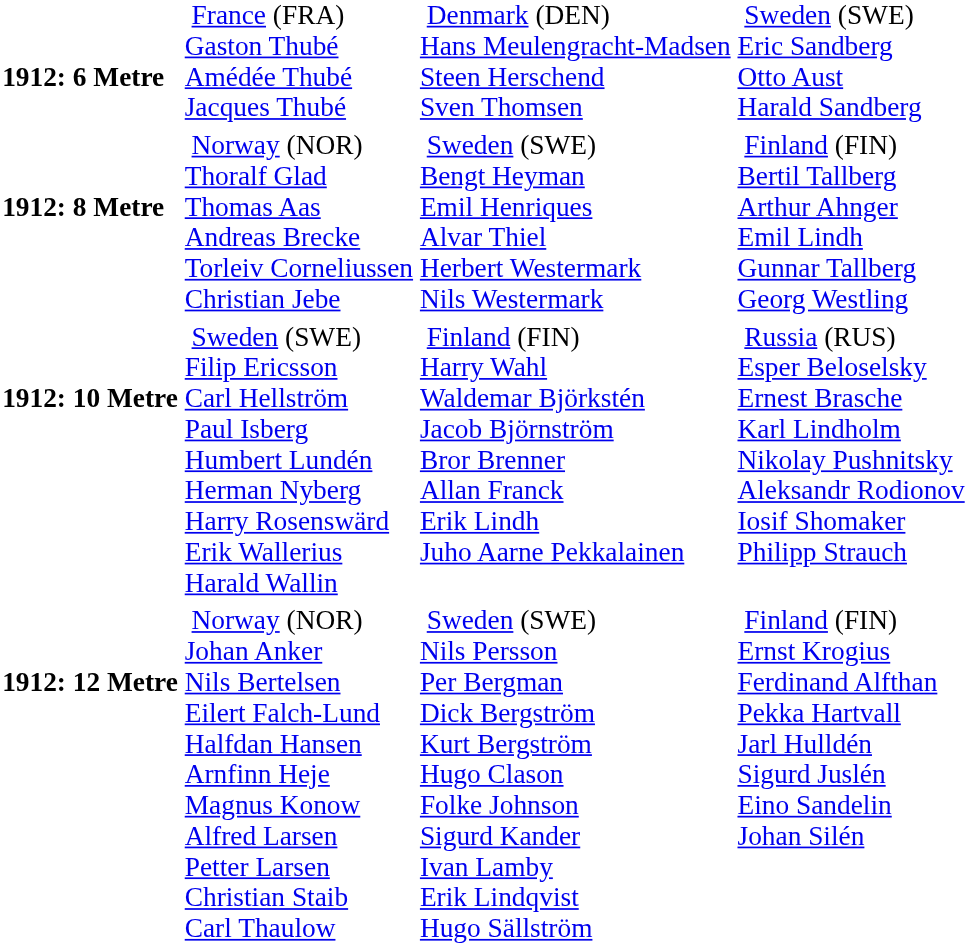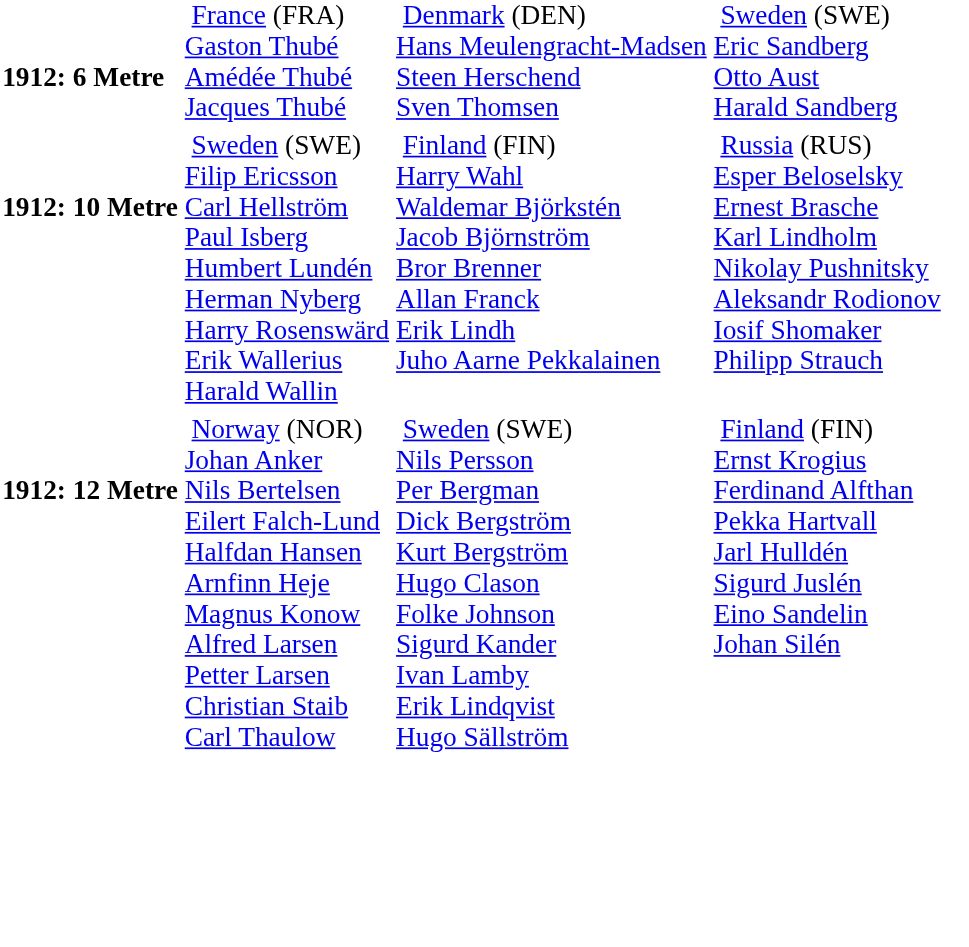 <table>
 <tr valign="top">
 <td style="align:center;"><br><br><strong>1912: 6 Metre</strong> <br></td>
 <td style="vertical-align:top;"> <a href='#'>France</a> <span>(FRA)</span><br><a href='#'>Gaston Thubé</a><br><a href='#'>Amédée Thubé</a><br><a href='#'>Jacques Thubé</a></td>
 <td style="vertical-align:top;"> <a href='#'>Denmark</a> <span>(DEN)</span><br><a href='#'>Hans Meulengracht-Madsen</a><br><a href='#'>Steen Herschend</a><br><a href='#'>Sven Thomsen</a></td>
 <td style="vertical-align:top;"> <a href='#'>Sweden</a> <span>(SWE)</span><br><a href='#'>Eric Sandberg</a><br><a href='#'>Otto Aust</a><br><a href='#'>Harald Sandberg</a></td>
-</tr>
-<tr valign="top">
-<td style="align:center;"><br><br><strong>1912: 8 Metre</strong> <br></td>
-<td style="vertical-align:top;"> <a href='#'>Norway</a> <span>(NOR)</span><br><a href='#'>Thoralf Glad</a><br><a href='#'>Thomas Aas</a><br><a href='#'>Andreas Brecke</a><br><a href='#'>Torleiv Corneliussen</a><br><a href='#'>Christian Jebe</a></td>
-<td style="vertical-align:top;"> <a href='#'>Sweden</a> <span>(SWE)</span><br><a href='#'>Bengt Heyman</a><br><a href='#'>Emil Henriques</a><br><a href='#'>Alvar Thiel</a><br><a href='#'>Herbert Westermark</a><br><a href='#'>Nils Westermark</a></td>
-<td style="vertical-align:top;"> <a href='#'>Finland</a> <span>(FIN)</span><br><a href='#'>Bertil Tallberg</a><br><a href='#'>Arthur Ahnger</a><br><a href='#'>Emil Lindh</a><br><a href='#'>Gunnar Tallberg</a><br><a href='#'>Georg Westling</a></td>
 </tr>
 <tr valign="top">
 <td style="align:center;"><br><br><strong>1912: 10 Metre</strong> <br></td>
 <td style="vertical-align:top;"> <a href='#'>Sweden</a> <span>(SWE)</span><br><a href='#'>Filip Ericsson</a><br><a href='#'>Carl Hellström</a><br><a href='#'>Paul Isberg</a><br><a href='#'>Humbert Lundén</a><br><a href='#'>Herman Nyberg</a><br><a href='#'>Harry Rosenswärd</a><br><a href='#'>Erik Wallerius</a><br><a href='#'>Harald Wallin</a></td>
 <td style="vertical-align:top;"> <a href='#'>Finland</a> <span>(FIN)</span><br><a href='#'>Harry Wahl</a><br><a href='#'>Waldemar Björkstén</a><br><a href='#'>Jacob Björnström</a><br><a href='#'>Bror Brenner</a><br><a href='#'>Allan Franck</a><br><a href='#'>Erik Lindh</a><br><a href='#'>Juho Aarne Pekkalainen</a></td>
 <td style="vertical-align:top;"> <a href='#'>Russia</a> <span>(RUS)</span><br><a href='#'>Esper Beloselsky</a><br><a href='#'>Ernest Brasche</a><br><a href='#'>Karl Lindholm</a><br><a href='#'>Nikolay Pushnitsky</a><br><a href='#'>Aleksandr Rodionov</a><br><a href='#'>Iosif Shomaker</a><br><a href='#'>Philipp Strauch</a></td>
 </tr>
 <tr valign="top">
 <td style="align:center;"><br><br><strong>1912: 12 Metre</strong> <br></td>
 <td style="vertical-align:top;"> <a href='#'>Norway</a> <span>(NOR)</span><br><a href='#'>Johan Anker</a><br><a href='#'>Nils Bertelsen</a><br><a href='#'>Eilert Falch-Lund</a><br><a href='#'>Halfdan Hansen</a><br><a href='#'>Arnfinn Heje</a><br><a href='#'>Magnus Konow</a><br><a href='#'>Alfred Larsen</a><br><a href='#'>Petter Larsen</a><br><a href='#'>Christian Staib</a><br><a href='#'>Carl Thaulow</a></td>
 <td style="vertical-align:top;"> <a href='#'>Sweden</a> <span>(SWE)</span><br><a href='#'>Nils Persson</a><br><a href='#'>Per Bergman</a><br><a href='#'>Dick Bergström</a><br><a href='#'>Kurt Bergström</a><br><a href='#'>Hugo Clason</a><br><a href='#'>Folke Johnson</a><br><a href='#'>Sigurd Kander</a><br><a href='#'>Ivan Lamby</a><br><a href='#'>Erik Lindqvist</a><br><a href='#'>Hugo Sällström</a></td>
 <td style="vertical-align:top;"> <a href='#'>Finland</a> <span>(FIN)</span><br><a href='#'>Ernst Krogius</a><br><a href='#'>Ferdinand Alfthan</a><br><a href='#'>Pekka Hartvall</a><br><a href='#'>Jarl Hulldén</a><br><a href='#'>Sigurd Juslén</a><br><a href='#'>Eino Sandelin</a><br><a href='#'>Johan Silén</a></td>
 </tr>
 </table>
